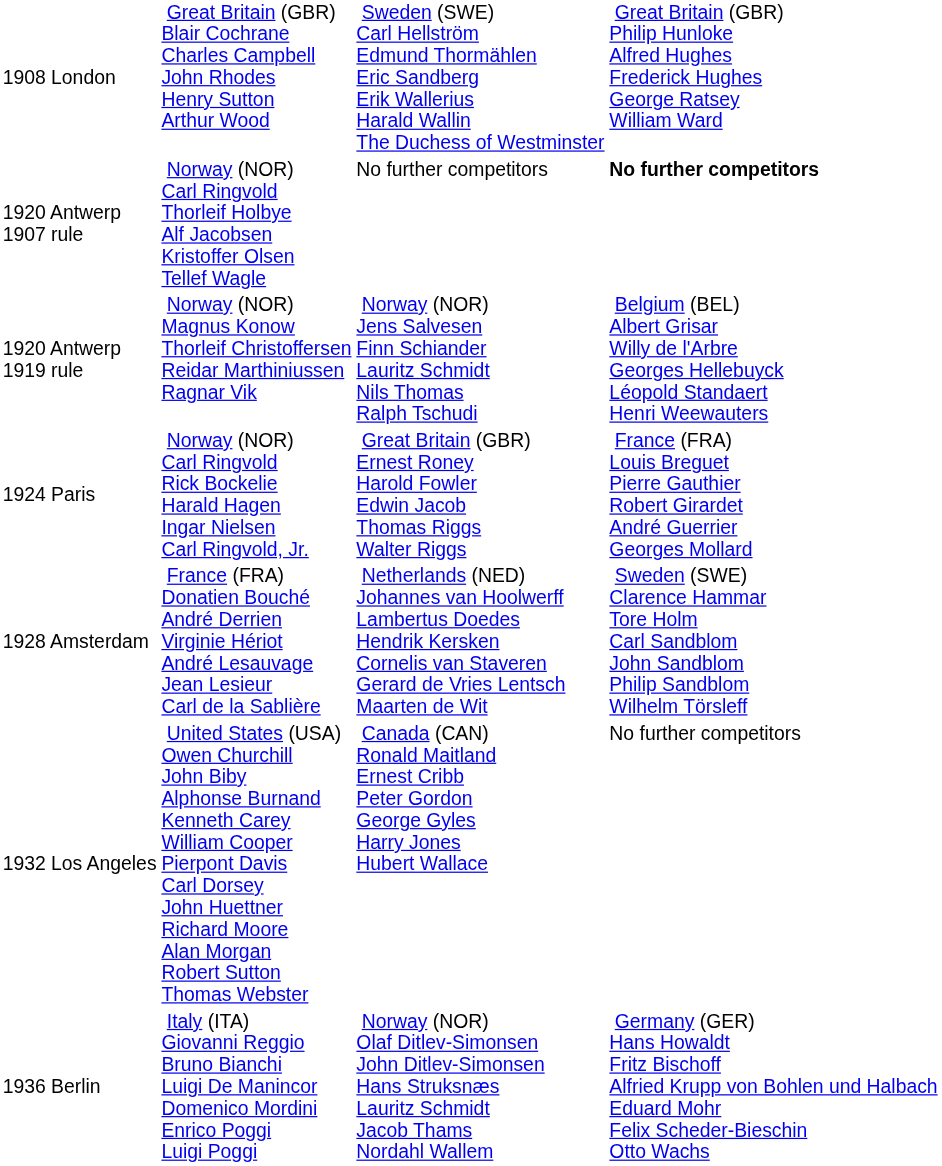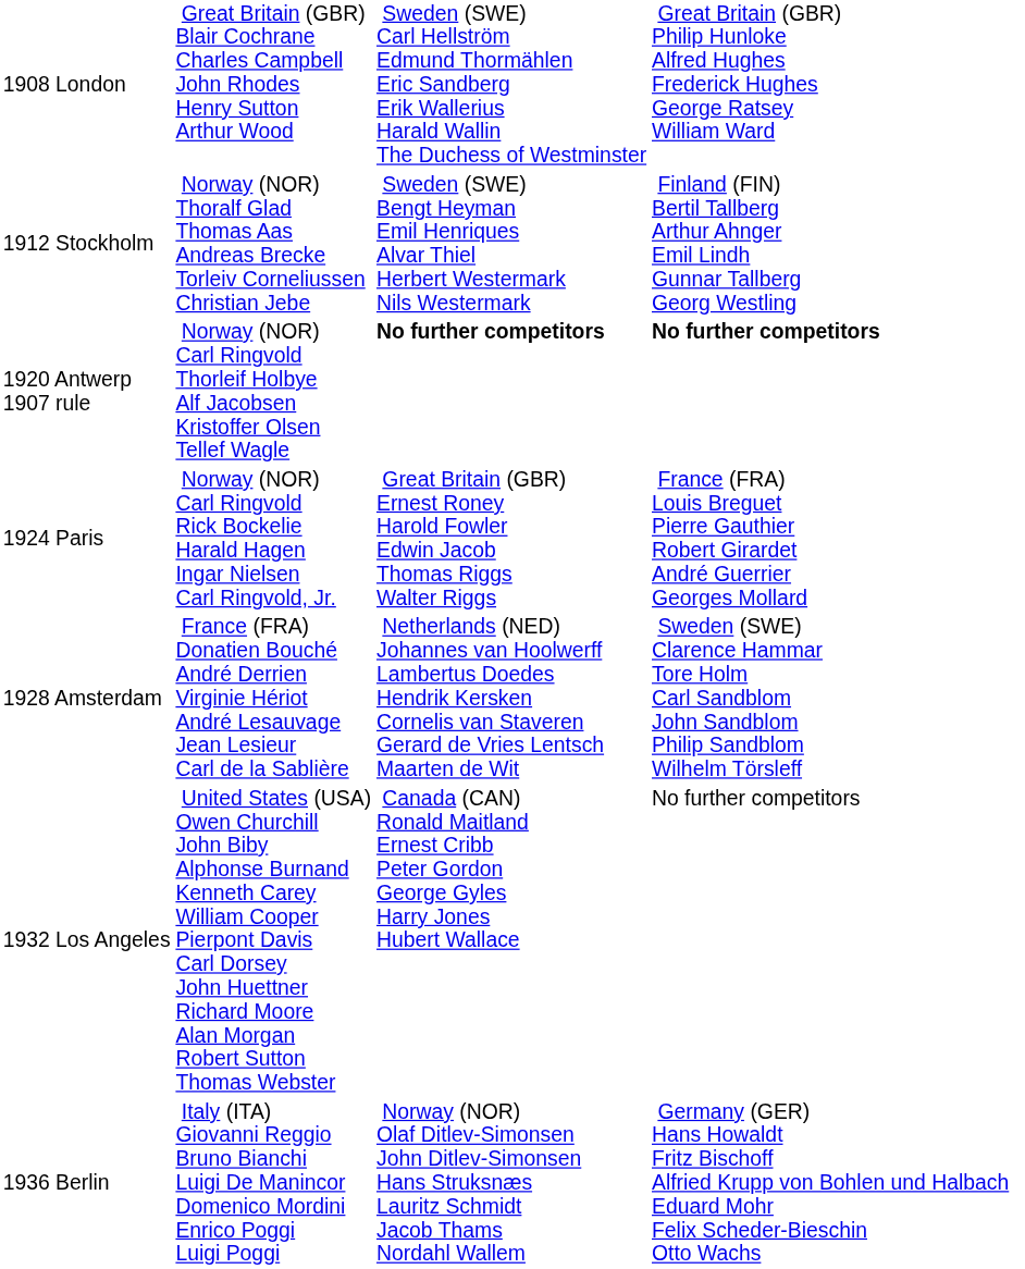 <table>
 <tr>
 <td style="align:center;">1908 London <br></td>
 <td style="vertical-align:top;"> <a href='#'>Great Britain</a> <span>(GBR)</span><br><a href='#'>Blair Cochrane</a><br><a href='#'>Charles Campbell</a><br><a href='#'>John Rhodes</a><br><a href='#'>Henry Sutton</a><br><a href='#'>Arthur Wood</a></td>
 <td style="vertical-align:top;"> <a href='#'>Sweden</a> <span>(SWE)</span><br><a href='#'>Carl Hellström</a><br><a href='#'>Edmund Thormählen</a><br><a href='#'>Eric Sandberg</a><br><a href='#'>Erik Wallerius</a><br><a href='#'>Harald Wallin</a><br><a href='#'>The Duchess of Westminster</a></td>
 <td style="vertical-align:top;"> <a href='#'>Great Britain</a> <span>(GBR)</span><br><a href='#'>Philip Hunloke</a><br><a href='#'>Alfred Hughes</a><br><a href='#'>Frederick Hughes</a><br><a href='#'>George Ratsey</a><br><a href='#'>William Ward</a></td>
 </tr>
 <tr>
+<td style="align:center;">1912 Stockholm <br></td>
+<td style="vertical-align:top;"> <a href='#'>Norway</a> <span>(NOR)</span><br><a href='#'>Thoralf Glad</a><br><a href='#'>Thomas Aas</a><br><a href='#'>Andreas Brecke</a><br><a href='#'>Torleiv Corneliussen</a><br><a href='#'>Christian Jebe</a></td>
+<td style="vertical-align:top;"> <a href='#'>Sweden</a> <span>(SWE)</span><br><a href='#'>Bengt Heyman</a><br><a href='#'>Emil Henriques</a><br><a href='#'>Alvar Thiel</a><br><a href='#'>Herbert Westermark</a><br><a href='#'>Nils Westermark</a></td>
+<td style="vertical-align:top;"> <a href='#'>Finland</a> <span>(FIN)</span><br><a href='#'>Bertil Tallberg</a><br><a href='#'>Arthur Ahnger</a><br><a href='#'>Emil Lindh</a><br><a href='#'>Gunnar Tallberg</a><br><a href='#'>Georg Westling</a></td>
+</tr>
+<tr>
 <td style="align:center;">1920 Antwerp <br>1907 rule<br></td>
 <td style="vertical-align:top;"> <a href='#'>Norway</a> <span>(NOR)</span><br><a href='#'>Carl Ringvold</a><br><a href='#'>Thorleif Holbye</a><br><a href='#'>Alf Jacobsen</a><br><a href='#'>Kristoffer Olsen</a><br><a href='#'>Tellef Wagle</a></td>
-<td style="vertical-align:top;">No further competitors</td>
 <td style="vertical-align:top;"><strong>No further competitors</strong></td>
-</tr>
-<tr>
-<td style="align:center;">1920 Antwerp <br>1919 rule<br></td>
-<td style="vertical-align:top;"> <a href='#'>Norway</a> <span>(NOR)</span><br><a href='#'>Magnus Konow</a><br><a href='#'>Thorleif Christoffersen</a><br><a href='#'>Reidar Marthiniussen</a><br><a href='#'>Ragnar Vik</a></td>
-<td style="vertical-align:top;"> <a href='#'>Norway</a> <span>(NOR)</span><br><a href='#'>Jens Salvesen</a><br><a href='#'>Finn Schiander</a><br><a href='#'>Lauritz Schmidt</a><br><a href='#'>Nils Thomas</a><br><a href='#'>Ralph Tschudi</a></td>
-<td style="vertical-align:top;"> <a href='#'>Belgium</a> <span>(BEL)</span><br><a href='#'>Albert Grisar</a><br><a href='#'>Willy de l'Arbre</a><br><a href='#'>Georges Hellebuyck</a><br><a href='#'>Léopold Standaert</a><br><a href='#'>Henri Weewauters</a></td>
+<td style="vertical-align:top;"><strong>No further competitors</strong></td>
 </tr>
 <tr>
 <td style="align:center;">1924 Paris <br></td>
 <td style="vertical-align:top;"> <a href='#'>Norway</a> <span>(NOR)</span><br><a href='#'>Carl Ringvold</a><br><a href='#'>Rick Bockelie</a><br><a href='#'>Harald Hagen</a><br><a href='#'>Ingar Nielsen</a><br><a href='#'>Carl Ringvold, Jr.</a></td>
 <td style="vertical-align:top;"> <a href='#'>Great Britain</a> <span>(GBR)</span><br><a href='#'>Ernest Roney</a><br><a href='#'>Harold Fowler</a><br><a href='#'>Edwin Jacob</a><br><a href='#'>Thomas Riggs</a><br><a href='#'>Walter Riggs</a></td>
 <td style="vertical-align:top;"> <a href='#'>France</a> <span>(FRA)</span><br><a href='#'>Louis Breguet</a><br><a href='#'>Pierre Gauthier</a><br><a href='#'>Robert Girardet</a><br><a href='#'>André Guerrier</a><br><a href='#'>Georges Mollard</a></td>
 </tr>
 <tr>
 <td style="align:center;">1928 Amsterdam <br></td>
 <td style="vertical-align:top;"> <a href='#'>France</a> <span>(FRA)</span><br><a href='#'>Donatien Bouché</a><br><a href='#'>André Derrien</a><br><a href='#'>Virginie Hériot</a><br><a href='#'>André Lesauvage</a><br><a href='#'>Jean Lesieur</a><br><a href='#'>Carl de la Sablière</a></td>
 <td style="vertical-align:top;"> <a href='#'>Netherlands</a> <span>(NED)</span><br><a href='#'>Johannes van Hoolwerff</a><br><a href='#'>Lambertus Doedes</a><br><a href='#'>Hendrik Kersken</a><br><a href='#'>Cornelis van Staveren</a><br><a href='#'>Gerard de Vries Lentsch</a><br><a href='#'>Maarten de Wit</a></td>
 <td style="vertical-align:top;"> <a href='#'>Sweden</a> <span>(SWE)</span><br><a href='#'>Clarence Hammar</a><br><a href='#'>Tore Holm</a><br><a href='#'>Carl Sandblom</a><br><a href='#'>John Sandblom</a><br><a href='#'>Philip Sandblom</a><br><a href='#'>Wilhelm Törsleff</a></td>
 </tr>
 <tr>
 <td style="align:center;">1932 Los Angeles <br></td>
 <td style="vertical-align:top;"> <a href='#'>United States</a> <span>(USA)</span><br><a href='#'>Owen Churchill</a><br><a href='#'>John Biby</a><br><a href='#'>Alphonse Burnand</a><br><a href='#'>Kenneth Carey</a><br><a href='#'>William Cooper</a><br><a href='#'>Pierpont Davis</a><br><a href='#'>Carl Dorsey</a><br><a href='#'>John Huettner</a><br><a href='#'>Richard Moore</a><br><a href='#'>Alan Morgan</a><br><a href='#'>Robert Sutton</a><br><a href='#'>Thomas Webster</a></td>
 <td style="vertical-align:top;"> <a href='#'>Canada</a> <span>(CAN)</span><br><a href='#'>Ronald Maitland</a><br><a href='#'>Ernest Cribb</a><br><a href='#'>Peter Gordon</a><br><a href='#'>George Gyles</a><br><a href='#'>Harry Jones</a><br><a href='#'>Hubert Wallace</a></td>
 <td style="vertical-align:top;">No further competitors</td>
 </tr>
 <tr>
 <td style="align:center;">1936 Berlin <br></td>
 <td style="vertical-align:top;"> <a href='#'>Italy</a> <span>(ITA)</span><br><a href='#'>Giovanni Reggio</a><br><a href='#'>Bruno Bianchi</a><br><a href='#'>Luigi De Manincor</a><br><a href='#'>Domenico Mordini</a><br><a href='#'>Enrico Poggi</a><br><a href='#'>Luigi Poggi</a></td>
 <td style="vertical-align:top;"> <a href='#'>Norway</a> <span>(NOR)</span><br><a href='#'>Olaf Ditlev-Simonsen</a><br><a href='#'>John Ditlev-Simonsen</a><br><a href='#'>Hans Struksnæs</a><br><a href='#'>Lauritz Schmidt</a><br><a href='#'>Jacob Thams</a><br><a href='#'>Nordahl Wallem</a></td>
 <td style="vertical-align:top;"> <a href='#'>Germany</a> <span>(GER)</span><br><a href='#'>Hans Howaldt</a><br><a href='#'>Fritz Bischoff</a><br><a href='#'>Alfried Krupp von Bohlen und Halbach</a><br><a href='#'>Eduard Mohr</a><br><a href='#'>Felix Scheder-Bieschin</a><br><a href='#'>Otto Wachs</a></td>
 </tr>
 </table>
